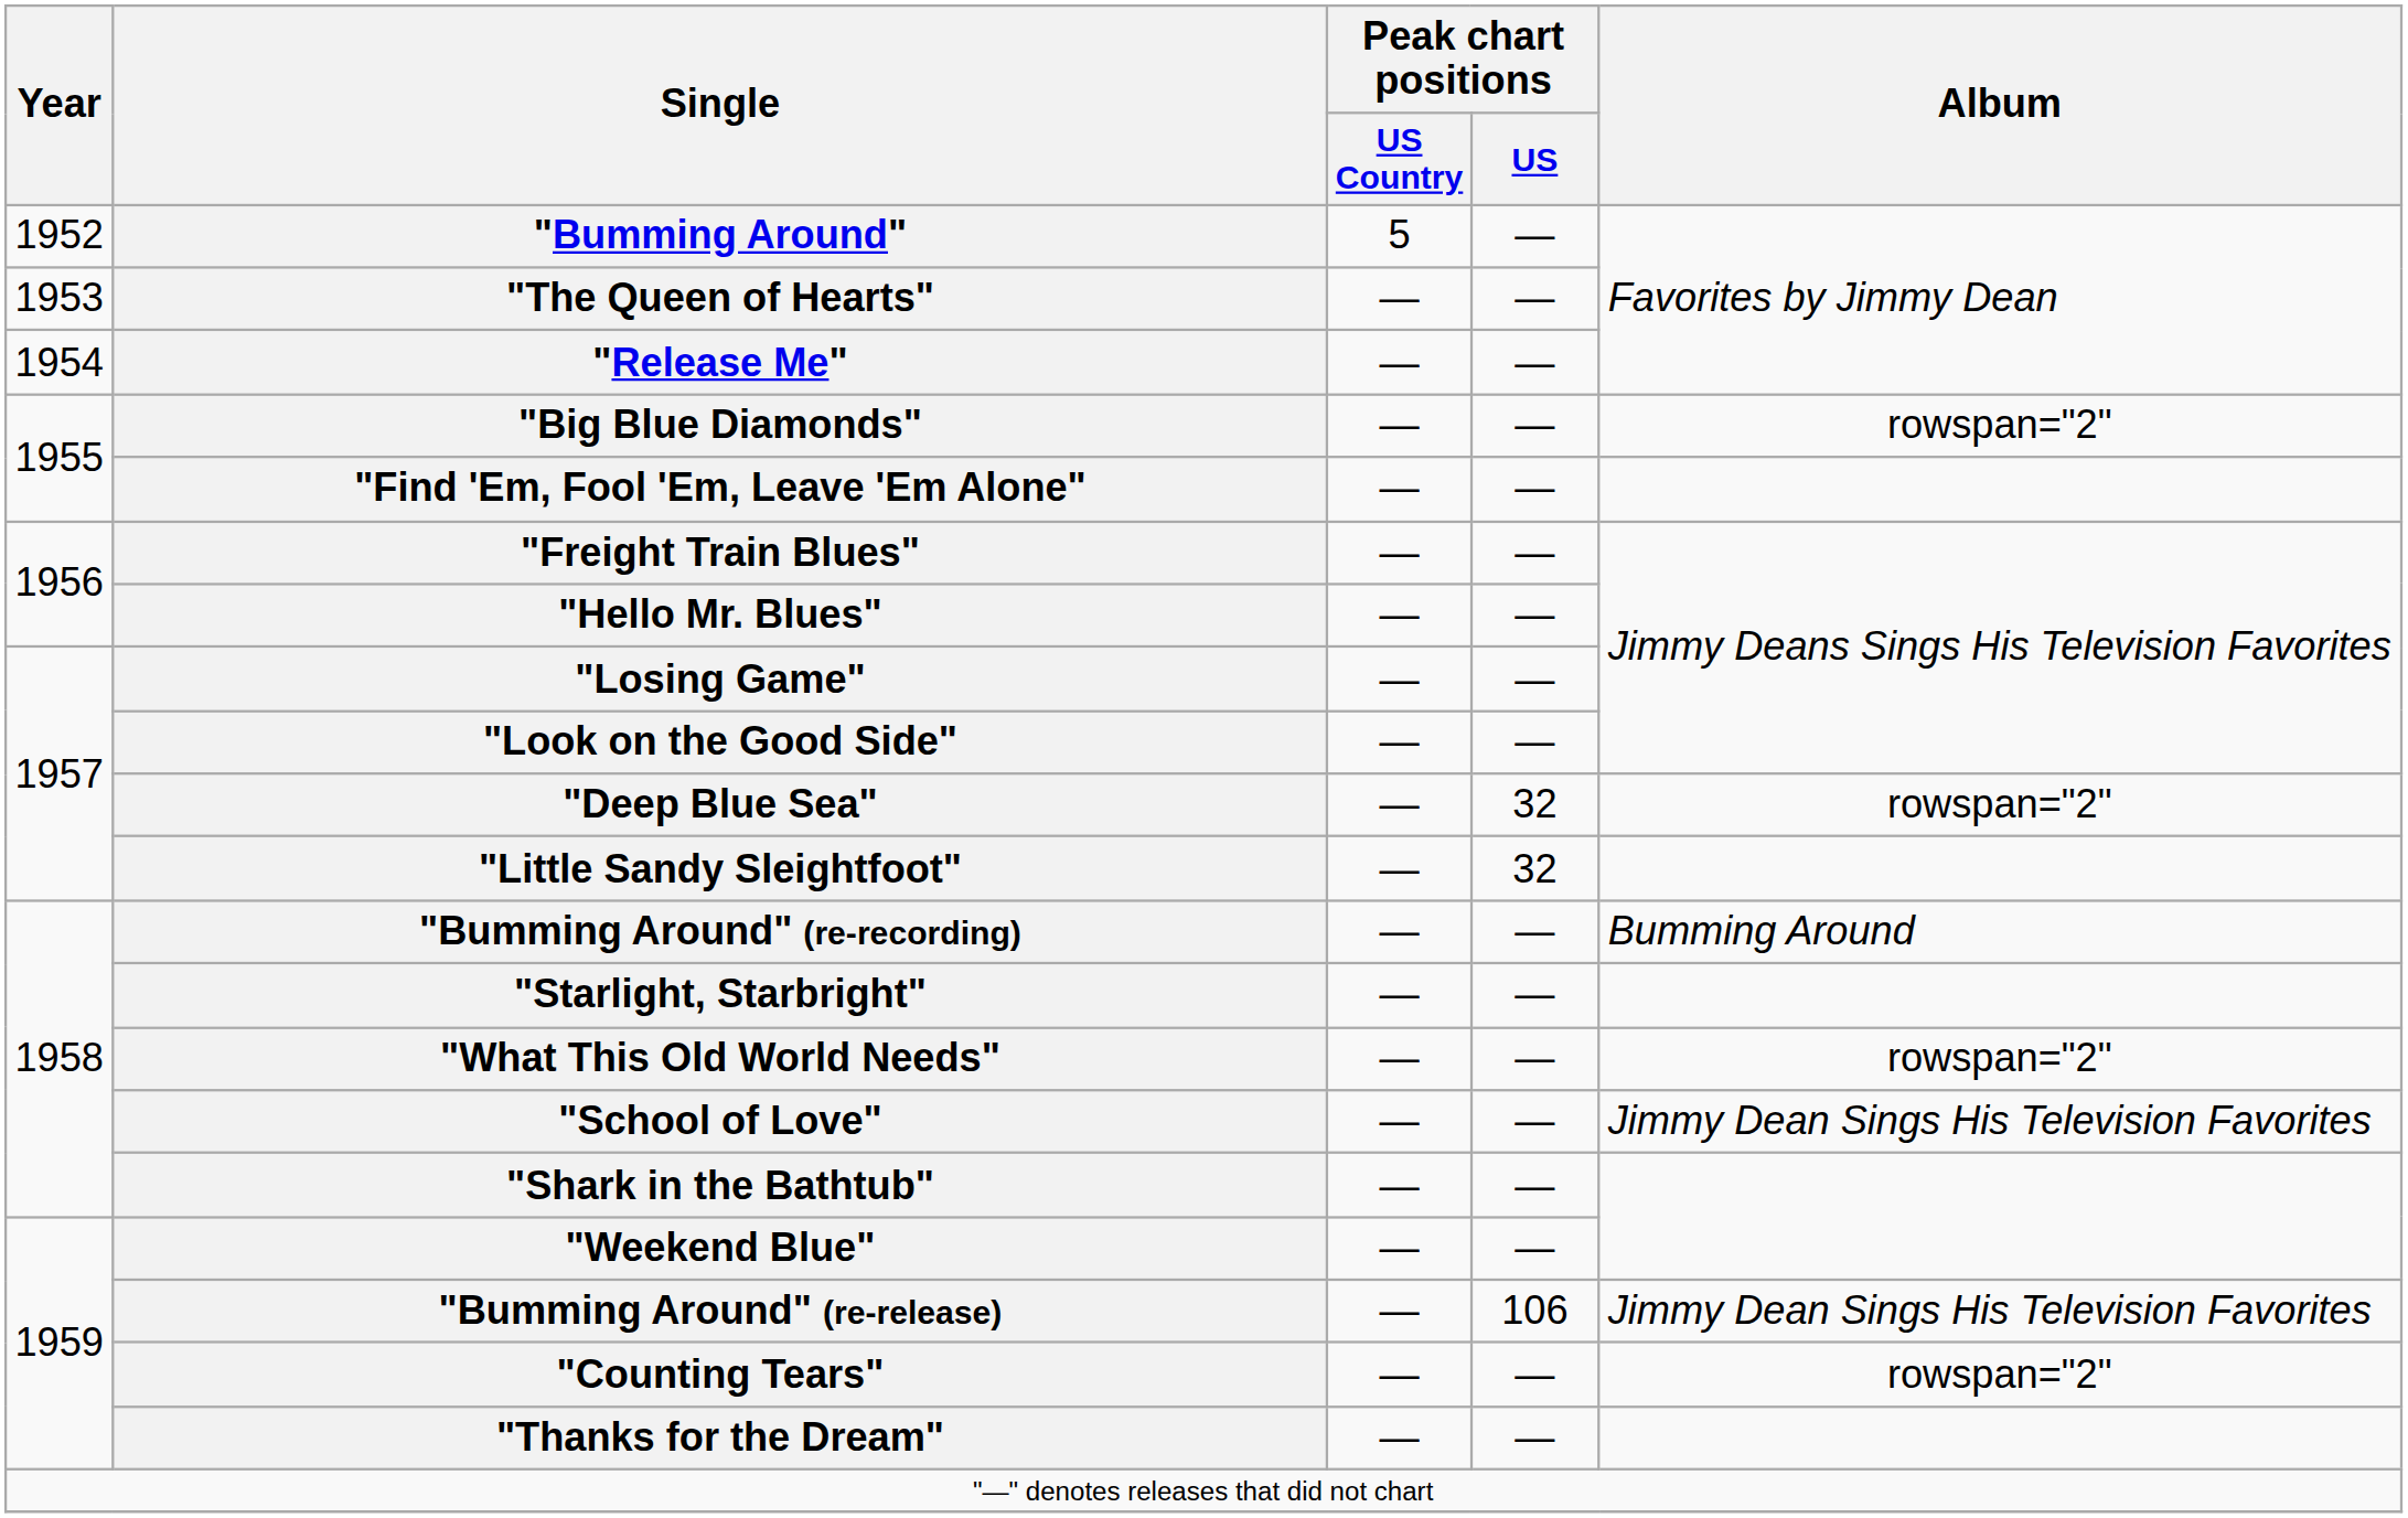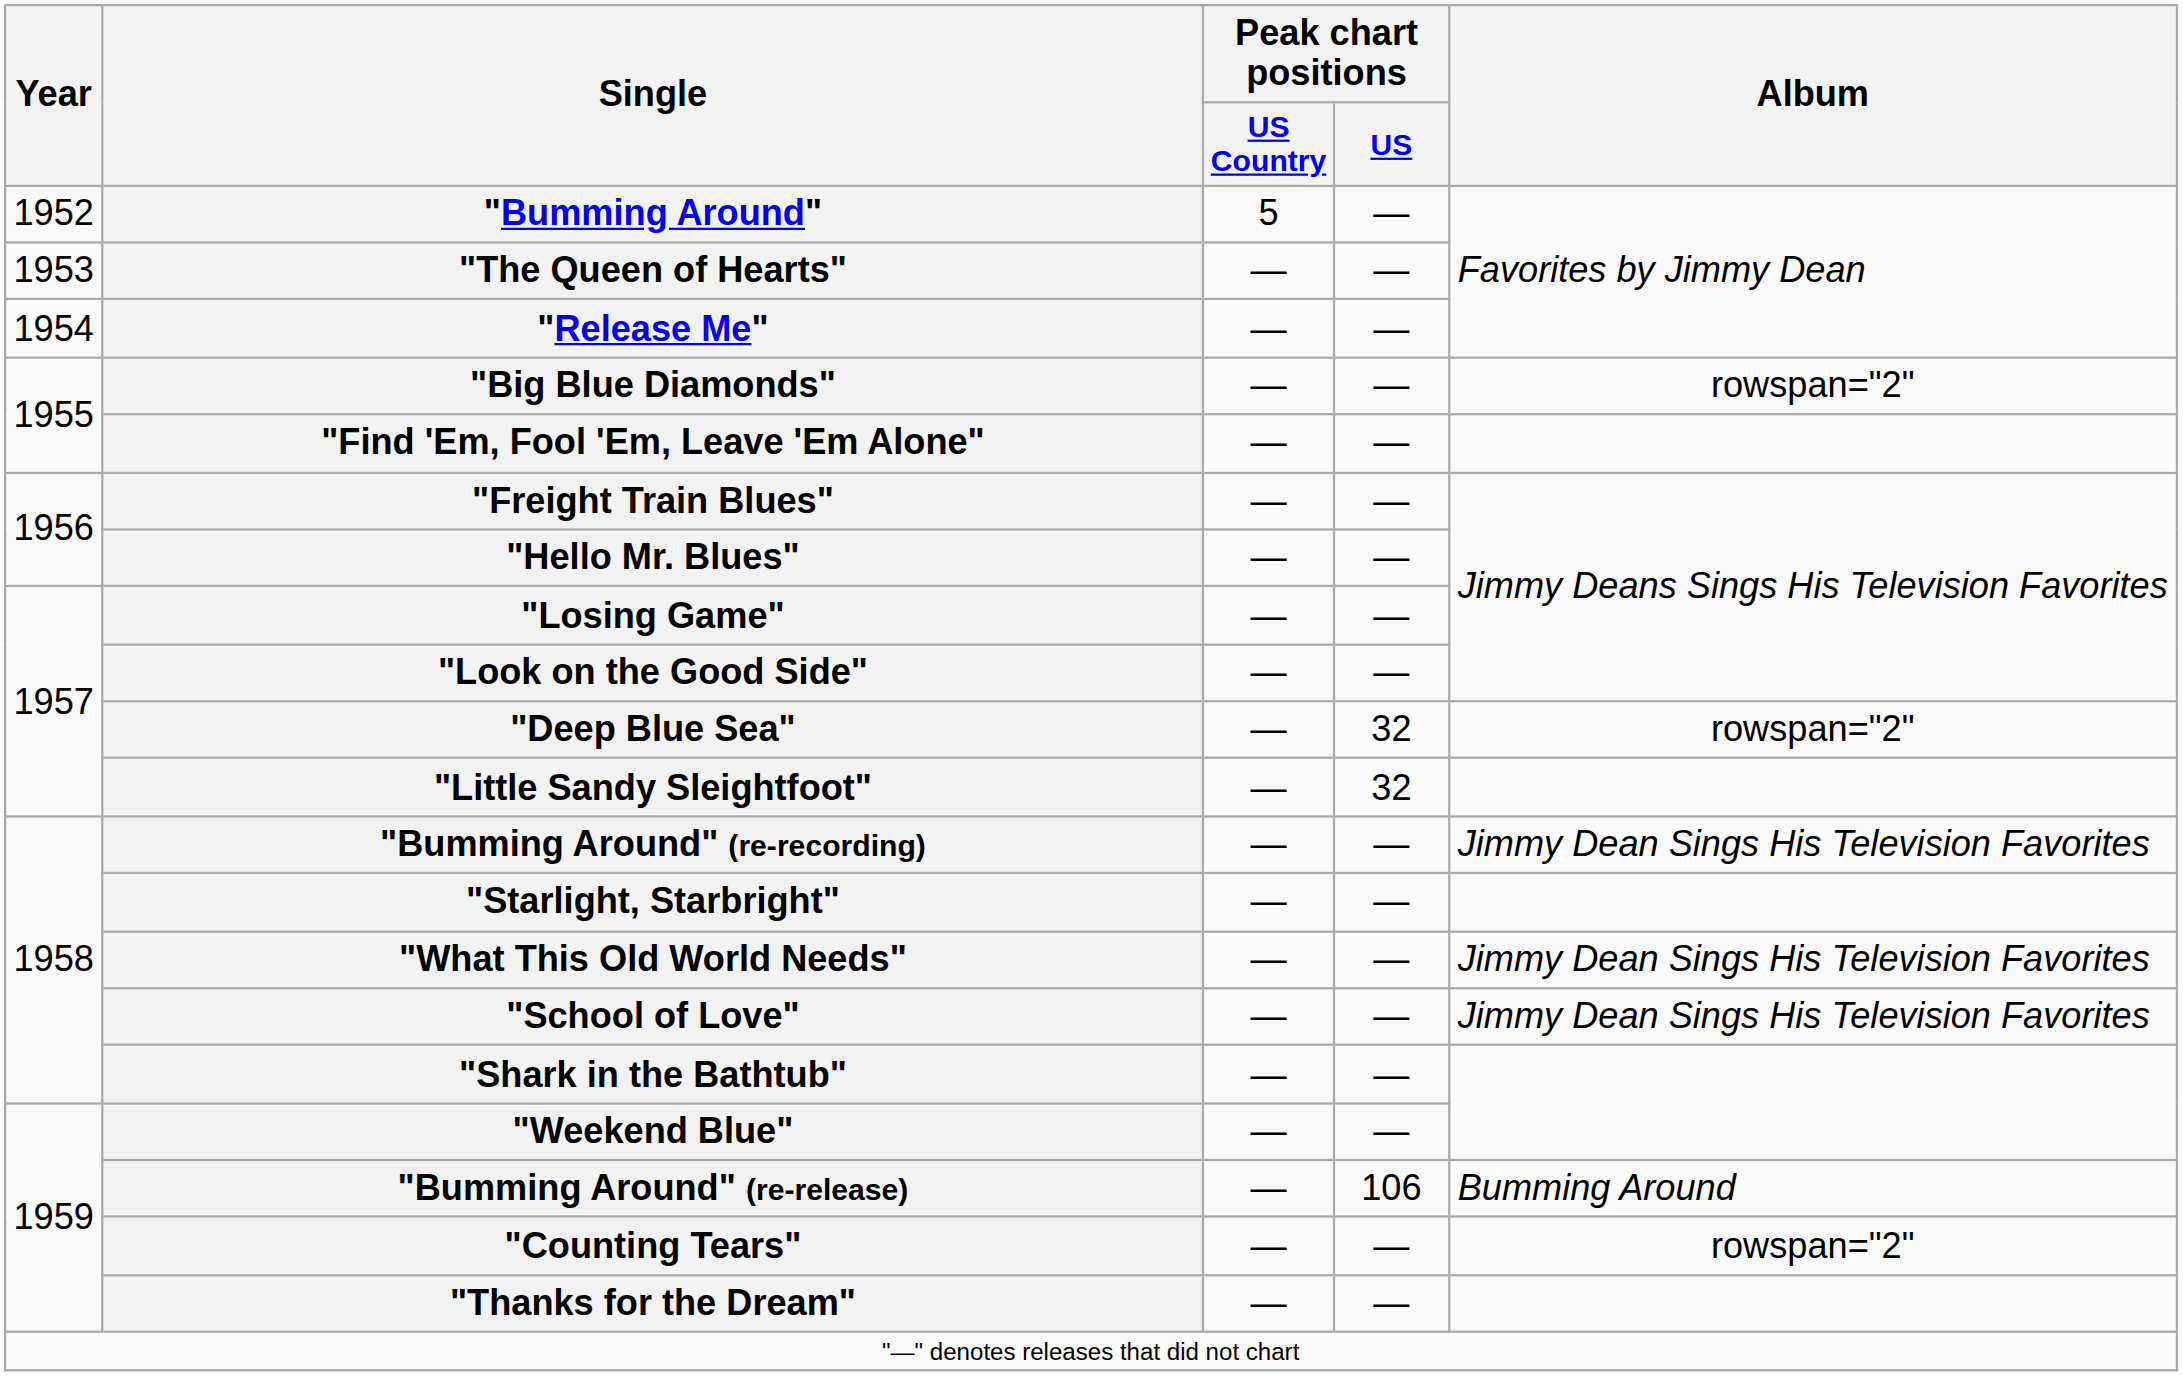 <table class="wikitable plainrowheaders" style="text-align:center;">
 <tr>
 <th rowspan="2">Year</th>
 <th rowspan="2" style="width:30em;">Single</th>
 <th colspan="2">Peak chart<br>positions</th>
 <th rowspan="2">Album</th>
 </tr>
 <tr style="font-size:smaller;">
 <th width="45"><a href='#'>US Country</a><br></th>
 <th width="45"><a href='#'>US</a><br></th>
 </tr>
 <tr>
 <td>1952</td>
 <th scope="row">"<a href='#'>Bumming Around</a>"</th>
 <td>5</td>
 <td>—</td>
 <td align="left" rowspan="3"><em>Favorites by Jimmy Dean</em></td>
 </tr>
 <tr>
 <td>1953</td>
 <th scope="row">"The Queen of Hearts"</th>
 <td>—</td>
 <td>—</td>
 </tr>
 <tr>
 <td>1954</td>
 <th scope="row">"<a href='#'>Release Me</a>"</th>
 <td>—</td>
 <td>—</td>
 </tr>
 <tr>
 <td rowspan="2">1955</td>
 <th scope="row">"Big Blue Diamonds"</th>
 <td>—</td>
 <td>—</td>
 <td>rowspan="2" </td>
 </tr>
 <tr>
 <th scope="row">"Find 'Em, Fool 'Em, Leave 'Em Alone"</th>
 <td>—</td>
 <td>—</td>
 </tr>
 <tr>
 <td rowspan="2">1956</td>
 <th scope="row">"Freight Train Blues"</th>
 <td>—</td>
 <td>—</td>
 <td align="left" rowspan="4"><em>Jimmy Deans Sings His Television Favorites</em></td>
 </tr>
 <tr>
 <th scope="row">"Hello Mr. Blues"</th>
 <td>—</td>
 <td>—</td>
 </tr>
 <tr>
 <td rowspan="4">1957</td>
 <th scope="row">"Losing Game"</th>
 <td>—</td>
 <td>—</td>
 </tr>
 <tr>
 <th scope="row">"Look on the Good Side"</th>
 <td>—</td>
 <td>—</td>
 </tr>
 <tr>
 <th scope="row">"Deep Blue Sea"</th>
 <td>—</td>
 <td>32</td>
 <td>rowspan="2" </td>
 </tr>
 <tr>
 <th scope="row">"Little Sandy Sleightfoot"</th>
 <td>—</td>
 <td>32</td>
 </tr>
 <tr>
 <td rowspan="5">1958</td>
 <th scope="row">"Bumming Around" <small>(re-recording)</small></th>
 <td>—</td>
 <td>—</td>
-<td align="left"><em>Bumming Around</em></td>
+<td align="left"><em>Jimmy Dean Sings His Television Favorites</em></td>
 </tr>
 <tr>
 <th scope="row">"Starlight, Starbright"</th>
 <td>—</td>
 <td>—</td>
 <td></td>
 </tr>
 <tr>
 <th scope="row">"What This Old World Needs"</th>
 <td>—</td>
 <td>—</td>
-<td>rowspan="2" </td>
+<td align="left"><em>Jimmy Dean Sings His Television Favorites</em></td>
 </tr>
 <tr>
 <th scope="row">"School of Love"</th>
 <td>—</td>
 <td>—</td>
 <td align="left"><em>Jimmy Dean Sings His Television Favorites</em></td>
 </tr>
 <tr>
 <th scope="row">"Shark in the Bathtub"</th>
 <td>—</td>
 <td>—</td>
 </tr>
 <tr>
 <td rowspan="4">1959</td>
 <th scope="row">"Weekend Blue"</th>
 <td>—</td>
 <td>—</td>
 </tr>
 <tr>
 <th scope="row">"Bumming Around" <small>(re-release)</small></th>
 <td>—</td>
 <td>106</td>
-<td align="left"><em>Jimmy Dean Sings His Television Favorites</em></td>
+<td align="left"><em>Bumming Around</em></td>
 </tr>
 <tr>
 <th scope="row">"Counting Tears"</th>
 <td>—</td>
 <td>—</td>
 <td>rowspan="2" </td>
 </tr>
 <tr>
 <th scope="row">"Thanks for the Dream"</th>
 <td>—</td>
 <td>—</td>
 </tr>
 <tr>
 <td colspan="10" style="font-size:8pt">"—" denotes releases that did not chart</td>
 </tr>
 <tr>
 </tr>
 </table>
